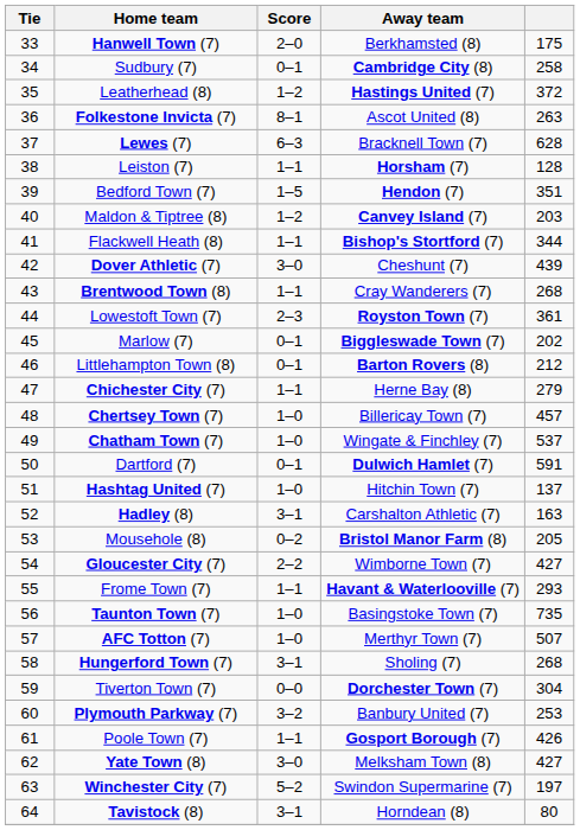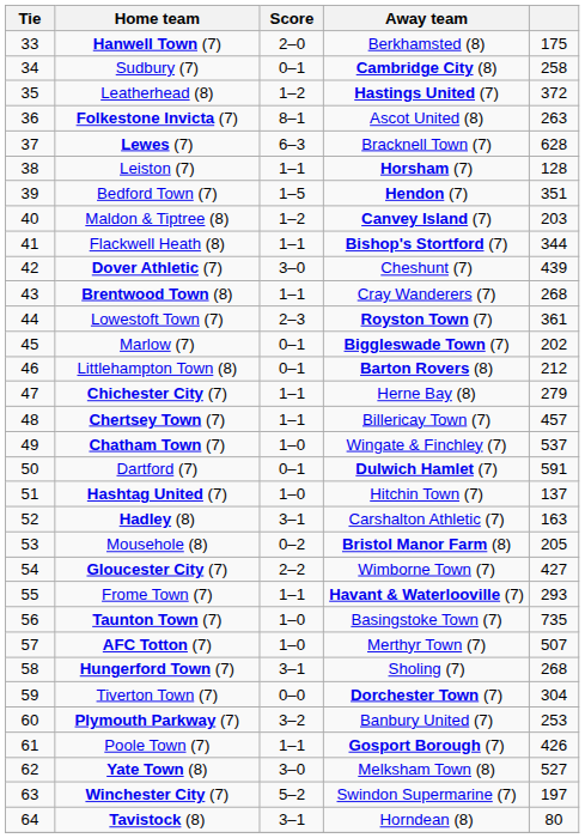 <table class="wikitable" style="text-align:center; font-size:90%">
 <tr>
 <th scope="col" style="width:  8.43%;">Tie</th>
 <th scope="col" style="width: 35.29%;">Home team</th>
 <th scope="col" style="width: 11.00%;">Score</th>
 <th scope="col" style="width: 35.29%;">Away team</th>
 <th scope="col" style="width:  8.43%;"></th>
 </tr>
 <tr>
 <td>33</td>
 <td><strong><a href='#'>Hanwell Town</a></strong> (7)</td>
 <td>2–0</td>
 <td><a href='#'>Berkhamsted</a> (8)</td>
 <td>175</td>
 </tr>
 <tr>
 <td>34</td>
 <td><a href='#'>Sudbury</a> (7)</td>
 <td>0–1</td>
 <td><strong><a href='#'>Cambridge City</a></strong> (8)</td>
 <td>258</td>
 </tr>
 <tr>
 <td>35</td>
 <td><a href='#'>Leatherhead</a> (8)</td>
 <td>1–2</td>
 <td><strong><a href='#'>Hastings United</a></strong> (7)</td>
 <td>372</td>
 </tr>
 <tr>
 <td>36</td>
 <td><strong><a href='#'>Folkestone Invicta</a></strong> (7)</td>
 <td>8–1</td>
 <td><a href='#'>Ascot United</a> (8)</td>
 <td>263</td>
 </tr>
 <tr>
 <td>37</td>
 <td><strong><a href='#'>Lewes</a></strong> (7)</td>
 <td>6–3</td>
 <td><a href='#'>Bracknell Town</a> (7)</td>
 <td>628</td>
 </tr>
 <tr>
 <td>38</td>
 <td><a href='#'>Leiston</a> (7)</td>
 <td>1–1 </td>
 <td><strong><a href='#'>Horsham</a></strong> (7)</td>
 <td>128</td>
 </tr>
 <tr>
 <td>39</td>
 <td><a href='#'>Bedford Town</a> (7)</td>
 <td>1–5</td>
 <td><strong><a href='#'>Hendon</a></strong> (7)</td>
 <td>351</td>
 </tr>
 <tr>
 <td>40</td>
 <td><a href='#'>Maldon & Tiptree</a> (8)</td>
 <td>1–2</td>
 <td><strong><a href='#'>Canvey Island</a></strong> (7)</td>
 <td>203</td>
 </tr>
 <tr>
 <td>41</td>
 <td><a href='#'>Flackwell Heath</a> (8)</td>
 <td>1–1 </td>
 <td><strong><a href='#'>Bishop's Stortford</a></strong> (7)</td>
 <td>344</td>
 </tr>
 <tr>
 <td>42</td>
 <td><strong><a href='#'>Dover Athletic</a></strong> (7)</td>
 <td>3–0</td>
 <td><a href='#'>Cheshunt</a> (7)</td>
 <td>439</td>
 </tr>
 <tr>
 <td>43</td>
 <td><strong><a href='#'>Brentwood Town</a></strong> (8)</td>
 <td>1–1 </td>
 <td><a href='#'>Cray Wanderers</a> (7)</td>
 <td>268</td>
 </tr>
 <tr>
 <td>44</td>
 <td><a href='#'>Lowestoft Town</a> (7)</td>
 <td>2–3</td>
 <td><strong><a href='#'>Royston Town</a></strong> (7)</td>
 <td>361</td>
 </tr>
 <tr>
 <td>45</td>
 <td><a href='#'>Marlow</a> (7)</td>
 <td>0–1</td>
 <td><strong><a href='#'>Biggleswade Town</a></strong> (7)</td>
 <td>202</td>
 </tr>
 <tr>
 <td>46</td>
 <td><a href='#'>Littlehampton Town</a> (8)</td>
 <td>0–1</td>
 <td><strong><a href='#'>Barton Rovers</a></strong> (8)</td>
 <td>212</td>
 </tr>
 <tr>
 <td>47</td>
 <td><strong><a href='#'>Chichester City</a></strong> (7)</td>
 <td>1–1 </td>
 <td><a href='#'>Herne Bay</a> (8)</td>
 <td>279</td>
 </tr>
 <tr>
 <td>48</td>
 <td><strong><a href='#'>Chertsey Town</a></strong> (7)</td>
-<td>1–0</td>
+<td>1–1 </td>
 <td><a href='#'>Billericay Town</a> (7)</td>
 <td>457</td>
 </tr>
 <tr>
 <td>49</td>
 <td><strong><a href='#'>Chatham Town</a></strong> (7)</td>
 <td>1–0</td>
 <td><a href='#'>Wingate & Finchley</a> (7)</td>
 <td>537</td>
 </tr>
 <tr>
 <td>50</td>
 <td><a href='#'>Dartford</a> (7)</td>
 <td>0–1</td>
 <td><strong><a href='#'>Dulwich Hamlet</a></strong> (7)</td>
 <td>591</td>
 </tr>
 <tr>
 <td>51</td>
 <td><strong><a href='#'>Hashtag United</a></strong> (7)</td>
 <td>1–0</td>
 <td><a href='#'>Hitchin Town</a> (7)</td>
 <td>137</td>
 </tr>
 <tr>
 <td>52</td>
 <td><strong><a href='#'>Hadley</a></strong> (8)</td>
 <td>3–1</td>
 <td><a href='#'>Carshalton Athletic</a> (7)</td>
 <td>163</td>
 </tr>
 <tr>
 <td>53</td>
 <td><a href='#'>Mousehole</a> (8)</td>
 <td>0–2</td>
 <td><strong><a href='#'>Bristol Manor Farm</a></strong> (8)</td>
 <td>205</td>
 </tr>
 <tr>
 <td>54</td>
 <td><strong><a href='#'>Gloucester City</a></strong> (7)</td>
 <td>2–2 </td>
 <td><a href='#'>Wimborne Town</a> (7)</td>
 <td>427</td>
 </tr>
 <tr>
 <td>55</td>
 <td><a href='#'>Frome Town</a> (7)</td>
 <td>1–1 </td>
 <td><strong><a href='#'>Havant & Waterlooville</a></strong> (7)</td>
 <td>293</td>
 </tr>
 <tr>
 <td>56</td>
 <td><strong><a href='#'>Taunton Town</a></strong> (7)</td>
 <td>1–0</td>
 <td><a href='#'>Basingstoke Town</a> (7)</td>
 <td>735</td>
 </tr>
 <tr>
 <td>57</td>
 <td><strong><a href='#'>AFC Totton</a></strong> (7)</td>
 <td>1–0</td>
 <td><a href='#'>Merthyr Town</a> (7)</td>
 <td>507</td>
 </tr>
 <tr>
 <td>58</td>
 <td><strong><a href='#'>Hungerford Town</a></strong> (7)</td>
 <td>3–1</td>
 <td><a href='#'>Sholing</a> (7)</td>
 <td>268</td>
 </tr>
 <tr>
 <td>59</td>
 <td><a href='#'>Tiverton Town</a> (7)</td>
 <td>0–0 </td>
 <td><strong><a href='#'>Dorchester Town</a></strong> (7)</td>
 <td>304</td>
 </tr>
 <tr>
 <td>60</td>
 <td><strong><a href='#'>Plymouth Parkway</a></strong> (7)</td>
 <td>3–2</td>
 <td><a href='#'>Banbury United</a> (7)</td>
 <td>253</td>
 </tr>
 <tr>
 <td>61</td>
 <td><a href='#'>Poole Town</a> (7)</td>
 <td>1–1 </td>
 <td><strong><a href='#'>Gosport Borough</a></strong> (7)</td>
 <td>426</td>
 </tr>
 <tr>
 <td>62</td>
 <td><strong><a href='#'>Yate Town</a></strong> (8)</td>
 <td>3–0</td>
 <td><a href='#'>Melksham Town</a> (8)</td>
-<td>427</td>
+<td>527</td>
 </tr>
 <tr>
 <td>63</td>
 <td><strong><a href='#'>Winchester City</a></strong> (7)</td>
 <td>5–2</td>
 <td><a href='#'>Swindon Supermarine</a> (7)</td>
 <td>197</td>
 </tr>
 <tr>
 <td>64</td>
 <td><strong><a href='#'>Tavistock</a></strong> (8)</td>
 <td>3–1</td>
 <td><a href='#'>Horndean</a> (8)</td>
 <td>80</td>
 </tr>
 <tr>
 </tr>
 </table>
